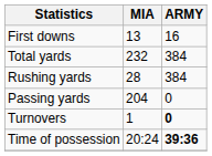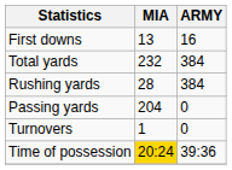 <table class="wikitable">
 <tr>
 <th>Statistics</th>
 <th>MIA</th>
 <th>ARMY</th>
 </tr>
 <tr>
 <td>First downs</td>
 <td>13</td>
 <td>16</td>
 </tr>
 <tr>
 <td>Total yards</td>
 <td>232</td>
 <td>384</td>
 </tr>
 <tr>
 <td>Rushing yards</td>
 <td>28</td>
 <td>384</td>
 </tr>
 <tr>
 <td>Passing yards</td>
 <td>204</td>
 <td>0</td>
 </tr>
 <tr>
 <td>Turnovers</td>
 <td>1</td>
-<td><strong>0</strong></td>
+<td>0</td>
 </tr>
 <tr>
 <td>Time of possession</td>
-<td>20:24</td>
-<td><strong>39:36</strong></td>
+<td style="background: gold;">20:24</td>
+<td>39:36</td>
 </tr>
 <tr>
 </tr>
 </table>
